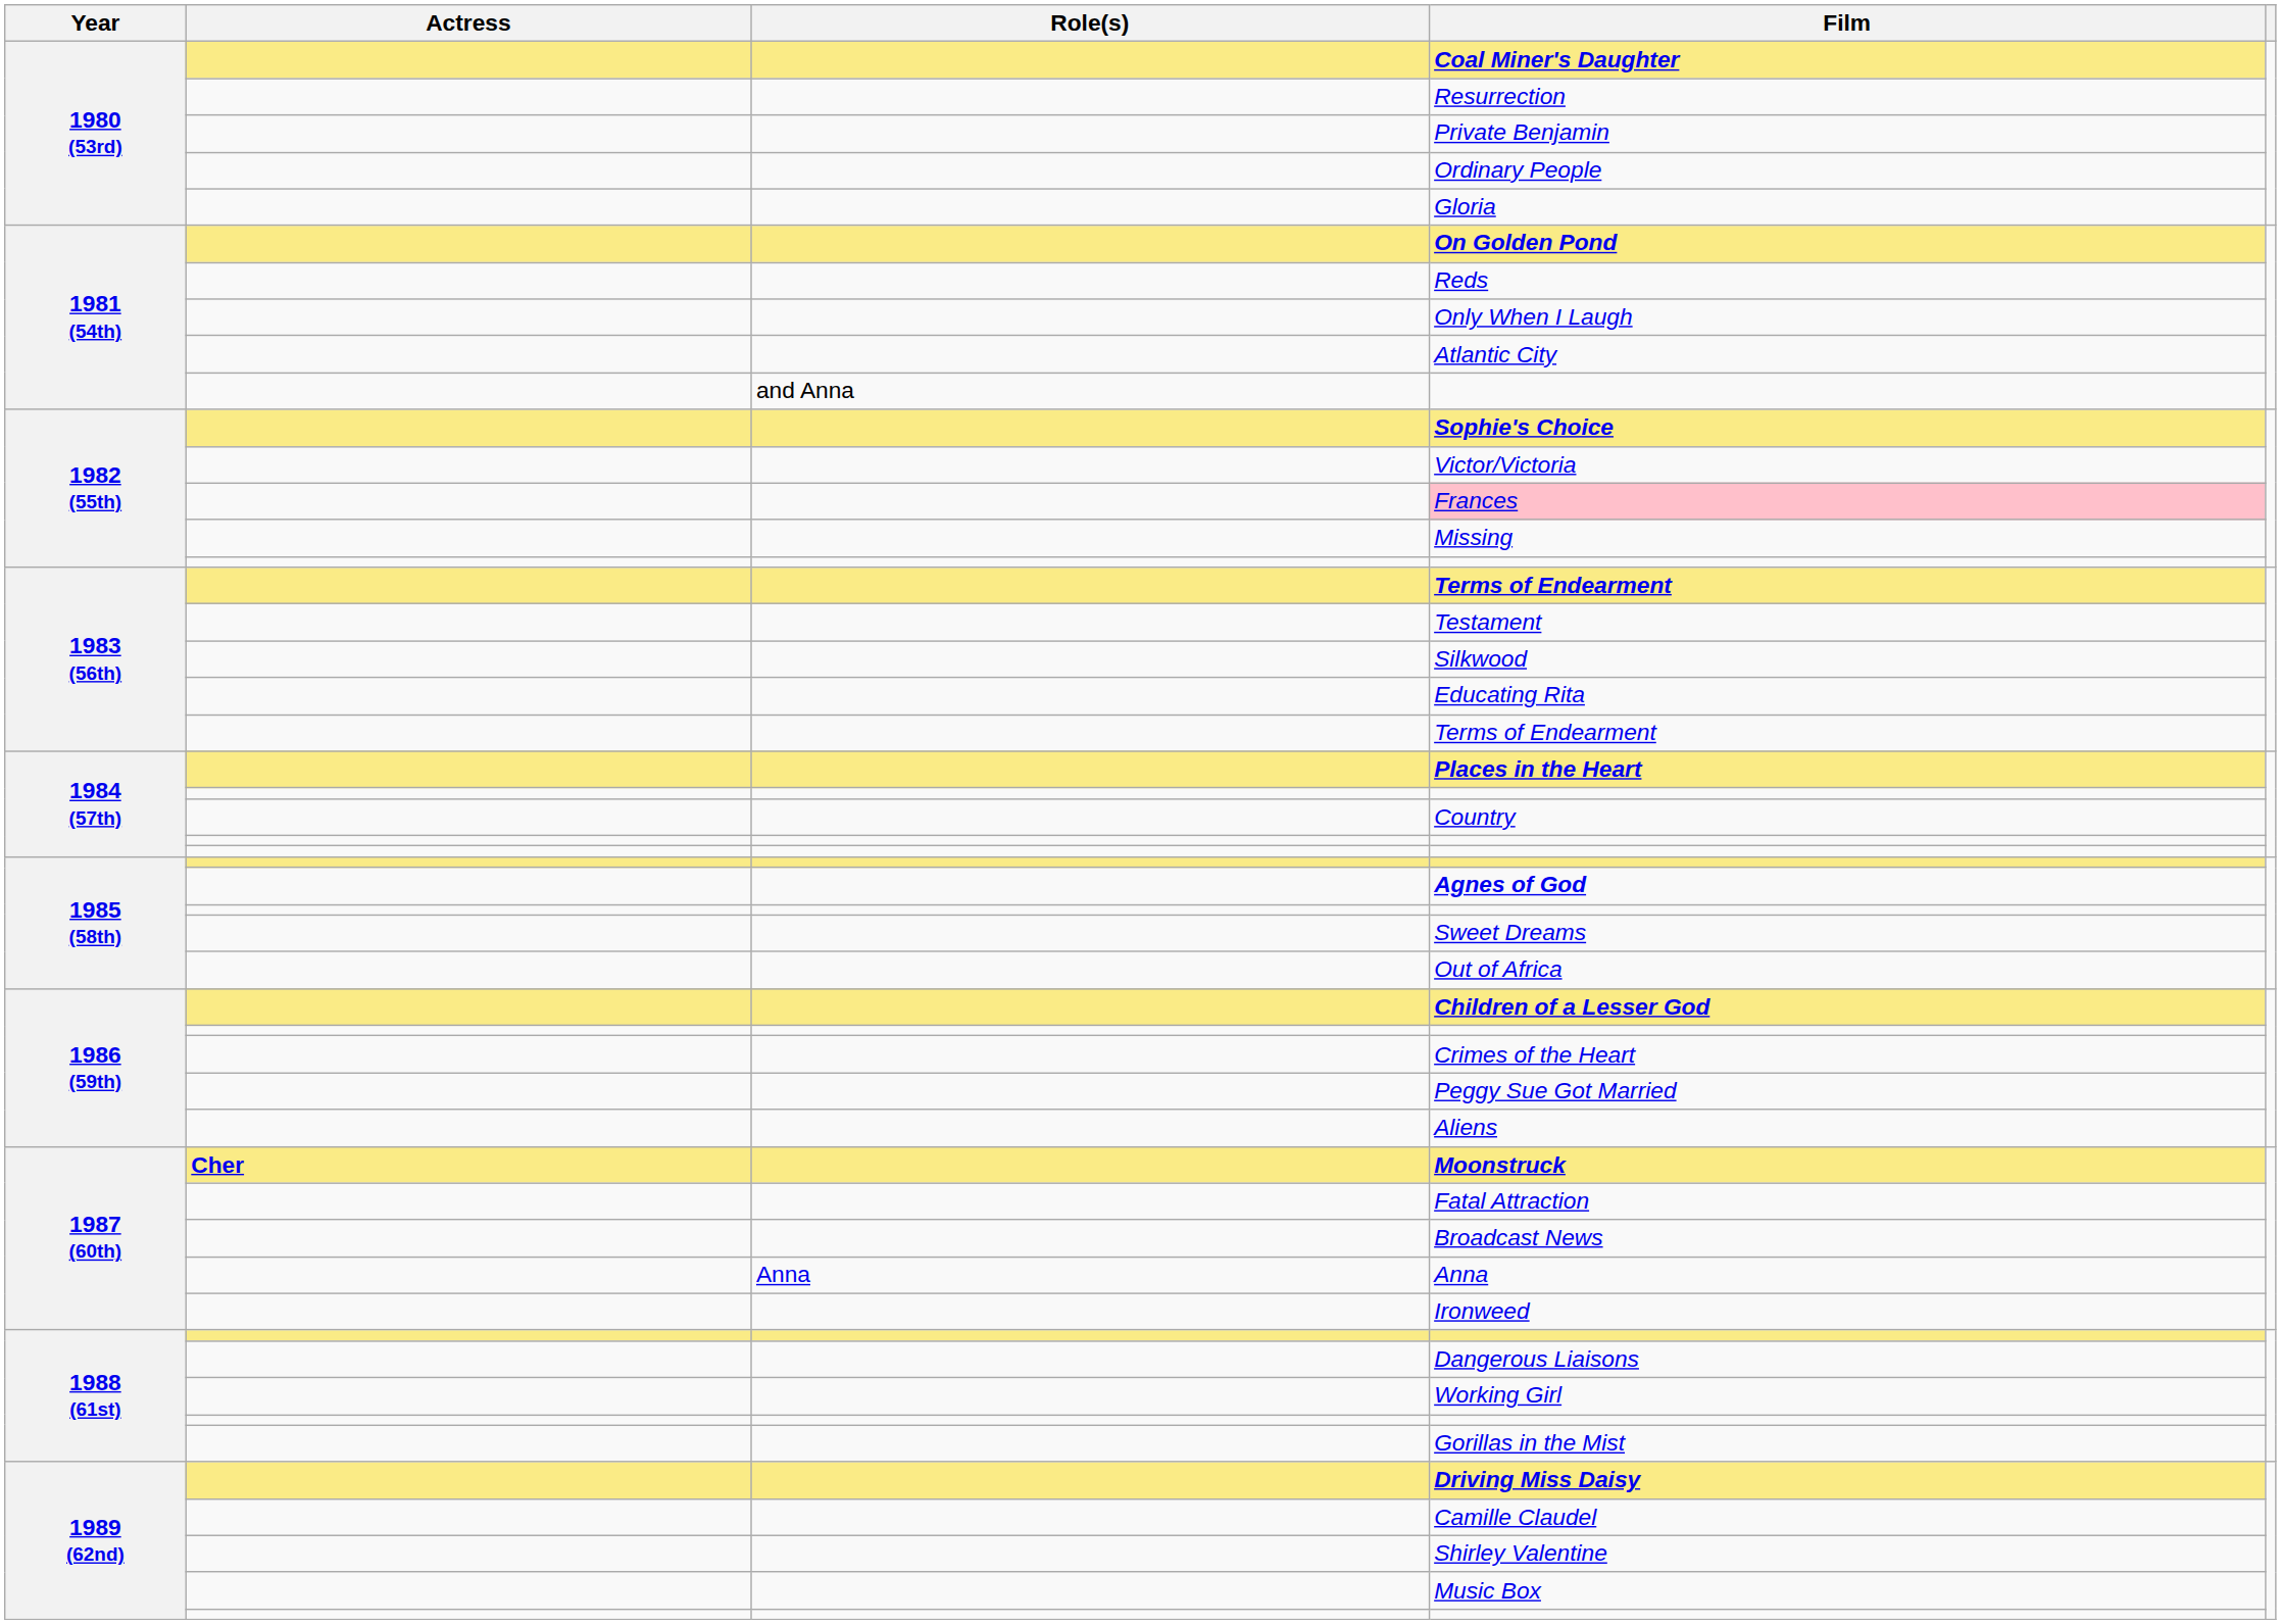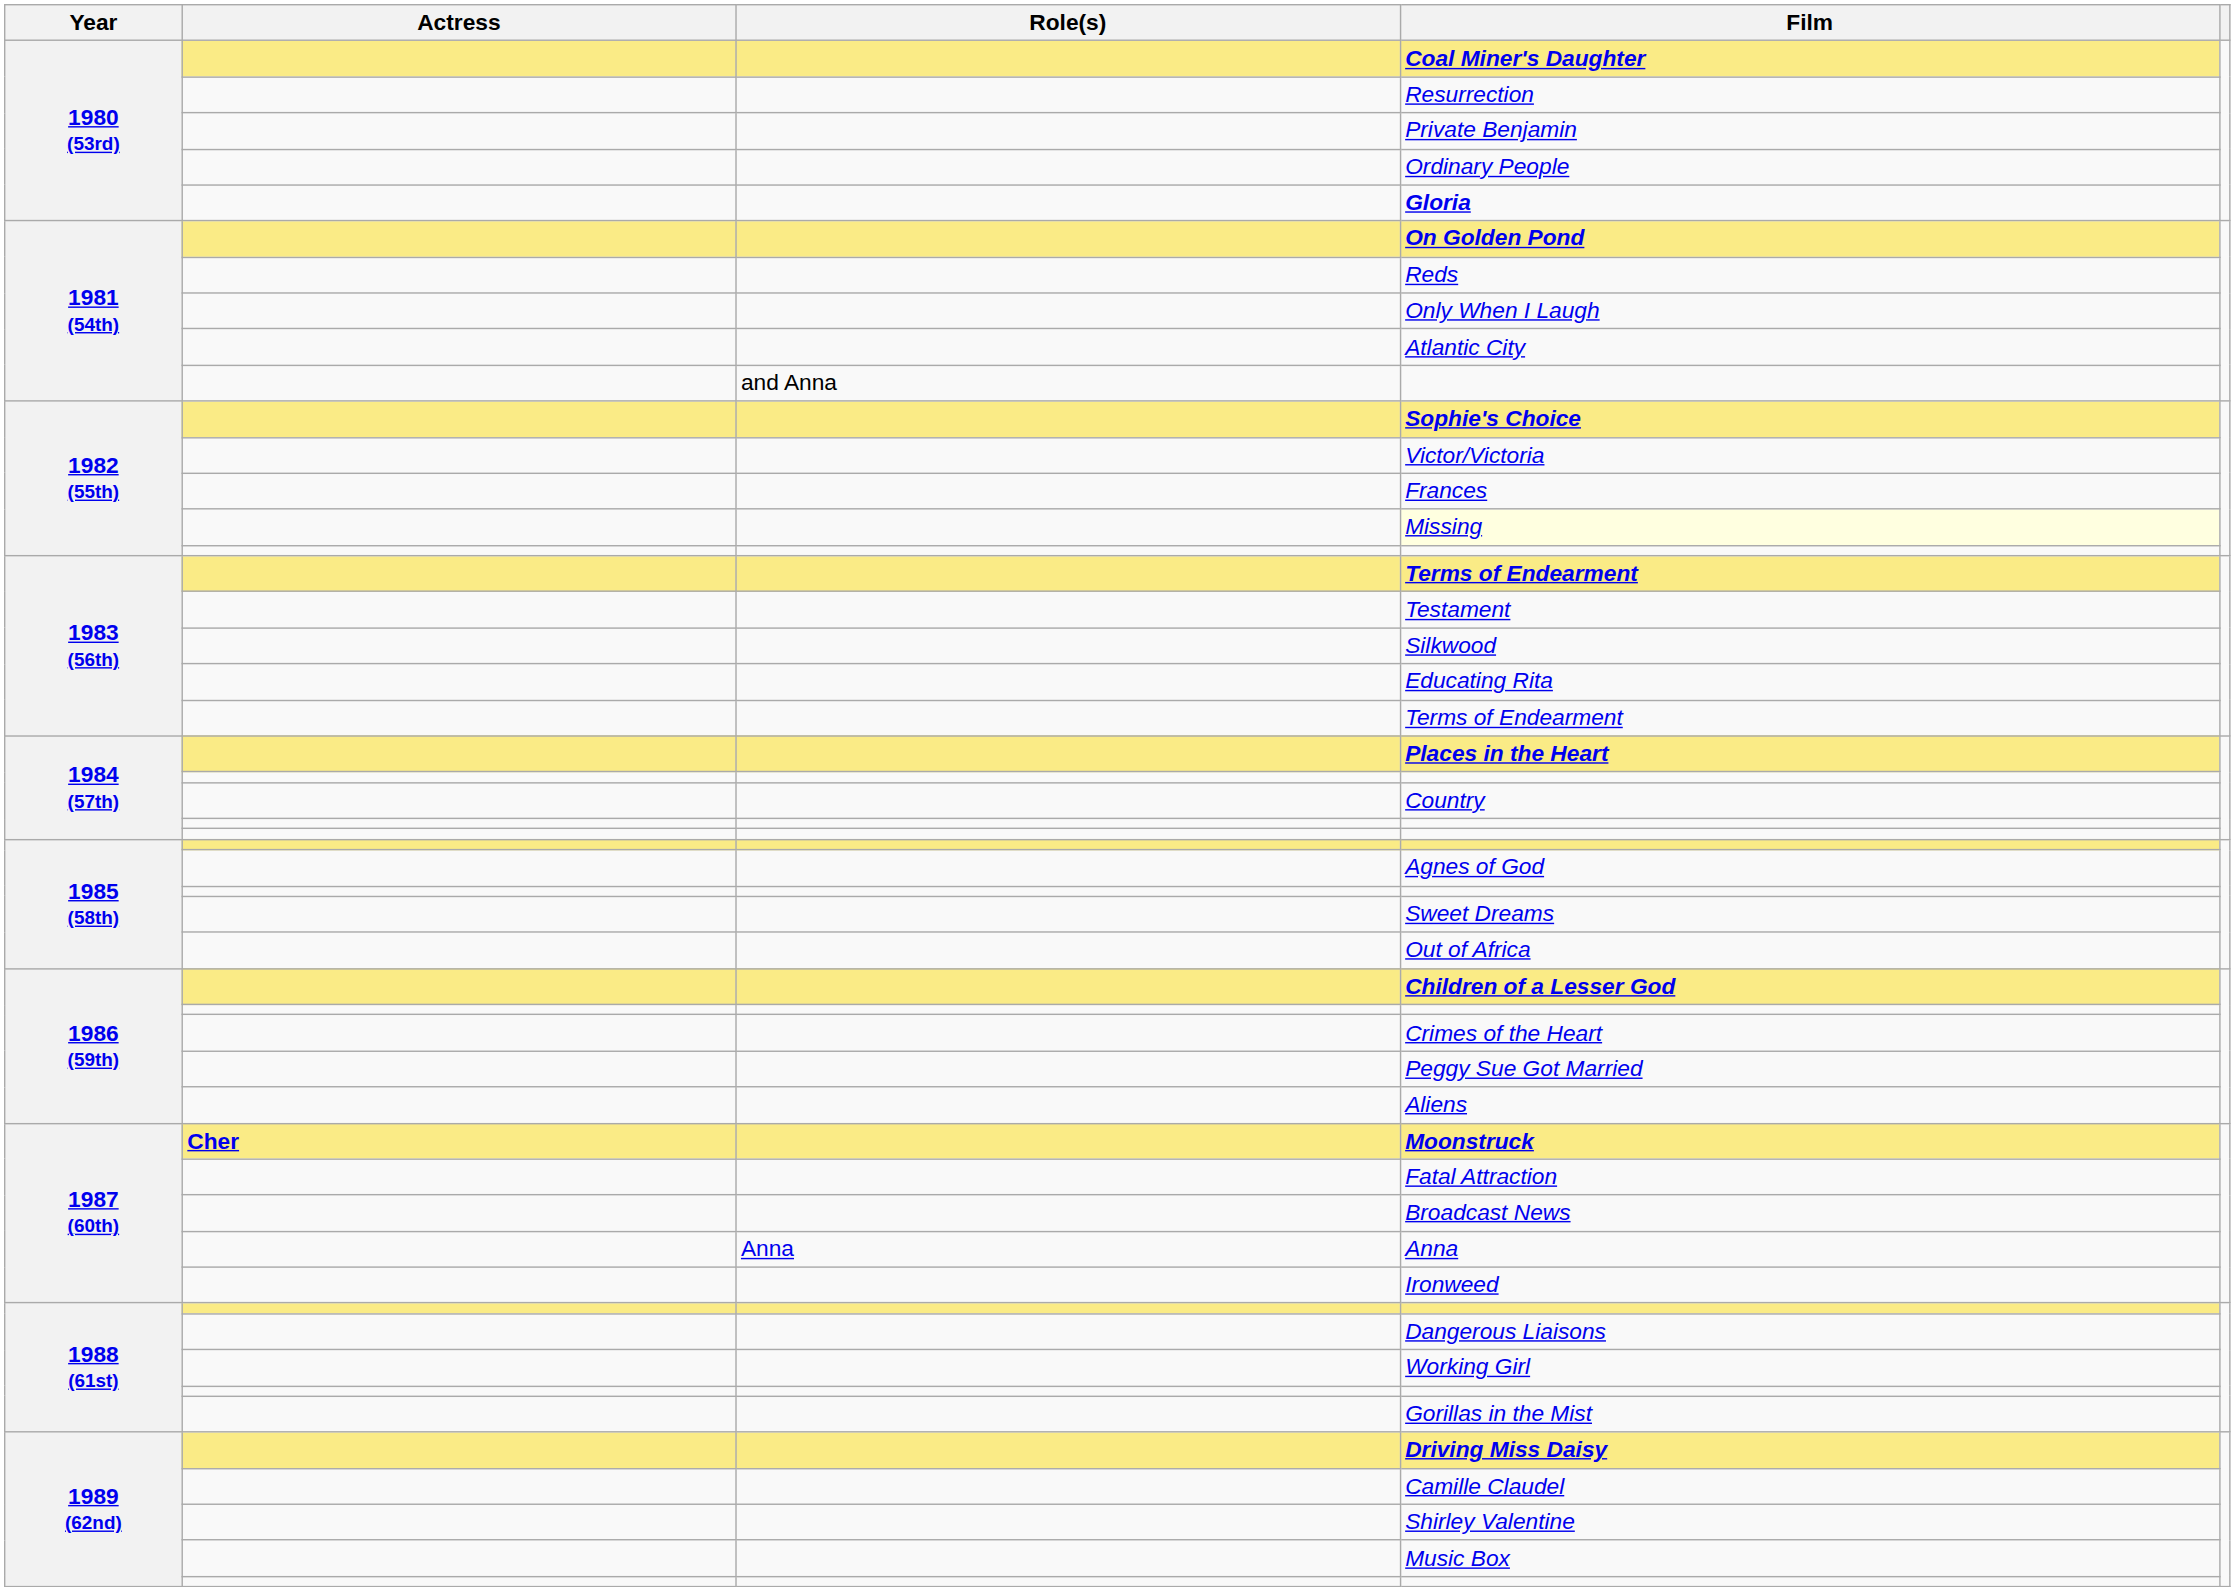 <table class="wikitable sortable">
 <tr>
 <th scope="col" style="width:8%;">Year</th>
 <th scope="col" style="width:25%;">Actress</th>
 <th scope="col" style="width:30%;">Role(s)</th>
 <th scope="col" style="width:70%;">Film</th>
 <th scope="col" style="width:2%;" class="unsortable"></th>
 </tr>
 <tr>
 <th scope="row" rowspan=5 style="text-align:center"><a href='#'>1980</a><br><small><a href='#'>(53rd)</a> </small></th>
 <td style="background:#FAEB86;"><strong> </strong></td>
 <td style="background:#FAEB86;"><strong></strong></td>
 <td style="background:#FAEB86;"><strong><em><a href='#'>Coal Miner's Daughter</a></em></strong></td>
 <td rowspan=5></td>
 </tr>
 <tr>
 <td></td>
 <td></td>
 <td><em><a href='#'>Resurrection</a></em></td>
 </tr>
 <tr>
 <td></td>
 <td></td>
 <td><em><a href='#'>Private Benjamin</a></em></td>
 </tr>
 <tr>
 <td></td>
 <td></td>
 <td><em><a href='#'>Ordinary People</a></em></td>
 </tr>
 <tr>
 <td></td>
 <td></td>
-<td><em><a href='#'>Gloria</a></em></td>
+<td><strong><em><a href='#'>Gloria</a></em></strong></td>
 </tr>
 <tr>
 <th scope="row" rowspan=5 style="text-align:center"><a href='#'>1981</a><br><small><a href='#'>(54th)</a> </small></th>
 <td style="background:#FAEB86;"><strong> </strong></td>
 <td style="background:#FAEB86;"><strong></strong></td>
 <td style="background:#FAEB86;"><strong><em><a href='#'>On Golden Pond</a></em></strong></td>
 <td rowspan=5></td>
 </tr>
 <tr>
 <td></td>
 <td></td>
 <td><em><a href='#'>Reds</a></em></td>
 </tr>
 <tr>
 <td></td>
 <td></td>
 <td><em><a href='#'>Only When I Laugh</a></em></td>
 </tr>
 <tr>
 <td></td>
 <td></td>
 <td><em><a href='#'>Atlantic City</a></em></td>
 </tr>
 <tr>
 <td></td>
 <td> and Anna</td>
 <td></td>
 </tr>
 <tr>
 <th scope="row" rowspan=5 style="text-align:center"><a href='#'>1982</a><br><small><a href='#'>(55th)</a> </small></th>
 <td style="background:#FAEB86;"><strong> </strong></td>
 <td style="background:#FAEB86;"><strong></strong></td>
 <td style="background:#FAEB86;"><strong><em><a href='#'>Sophie's Choice</a></em></strong></td>
 <td rowspan=5></td>
 </tr>
 <tr>
 <td></td>
 <td></td>
 <td><em><a href='#'>Victor/Victoria</a></em></td>
 </tr>
 <tr>
 <td></td>
 <td></td>
-<td style="background: pink;"><em><a href='#'>Frances</a></em></td>
+<td><em><a href='#'>Frances</a></em></td>
 </tr>
 <tr>
 <td></td>
 <td></td>
-<td><em><a href='#'>Missing</a></em></td>
+<td style="background: lightyellow;"><em><a href='#'>Missing</a></em></td>
 </tr>
 <tr>
 <td></td>
 <td></td>
 <td></td>
 </tr>
 <tr>
 <th scope="row" rowspan=5 style="text-align:center"><a href='#'>1983</a><br><small><a href='#'>(56th)</a> </small></th>
 <td style="background:#FAEB86;"><strong> </strong></td>
 <td style="background:#FAEB86;"><strong></strong></td>
 <td style="background:#FAEB86;"><strong><em><a href='#'>Terms of Endearment</a></em></strong></td>
 <td rowspan=5></td>
 </tr>
 <tr>
 <td></td>
 <td></td>
 <td><em><a href='#'>Testament</a></em></td>
 </tr>
 <tr>
 <td></td>
 <td></td>
 <td><em><a href='#'>Silkwood</a></em></td>
 </tr>
 <tr>
 <td></td>
 <td></td>
 <td><em><a href='#'>Educating Rita</a></em></td>
 </tr>
 <tr>
 <td></td>
 <td></td>
 <td><em><a href='#'>Terms of Endearment</a></em></td>
 </tr>
 <tr>
 <th scope="row" rowspan=5 style="text-align:center"><a href='#'>1984</a><br><small><a href='#'>(57th)</a> </small></th>
 <td style="background:#FAEB86;"><strong> </strong></td>
 <td style="background:#FAEB86;"><strong></strong></td>
 <td style="background:#FAEB86;"><strong><em><a href='#'>Places in the Heart</a></em></strong></td>
 <td rowspan=5></td>
 </tr>
 <tr>
 <td></td>
 <td></td>
 <td></td>
 </tr>
 <tr>
 <td></td>
 <td></td>
 <td><em><a href='#'>Country</a></em></td>
 </tr>
 <tr>
 <td></td>
 <td></td>
 <td></td>
 </tr>
 <tr>
 <td></td>
 <td></td>
 <td></td>
 </tr>
 <tr>
 <th scope="row" rowspan=5 style="text-align:center"><a href='#'>1985</a><br><small><a href='#'>(58th)</a> </small></th>
 <td style="background:#FAEB86;"><strong> </strong></td>
 <td style="background:#FAEB86;"><strong></strong></td>
 <td style="background:#FAEB86;"><strong></strong></td>
 <td rowspan=5></td>
 </tr>
 <tr>
 <td></td>
 <td></td>
-<td><strong><em><a href='#'>Agnes of God</a></em></strong></td>
+<td><em><a href='#'>Agnes of God</a></em></td>
 </tr>
 <tr>
 <td></td>
 <td></td>
 <td></td>
 </tr>
 <tr>
 <td></td>
 <td></td>
 <td><em><a href='#'>Sweet Dreams</a></em></td>
 </tr>
 <tr>
 <td></td>
 <td></td>
 <td><em><a href='#'>Out of Africa</a></em></td>
 </tr>
 <tr>
 <th scope="row" rowspan=5 style="text-align:center"><a href='#'>1986</a><br><small><a href='#'>(59th)</a> </small></th>
 <td style="background:#FAEB86;"><strong> </strong></td>
 <td style="background:#FAEB86;"><strong></strong></td>
 <td style="background:#FAEB86;"><strong><em><a href='#'>Children of a Lesser God</a></em></strong></td>
 <td rowspan=5></td>
 </tr>
 <tr>
 <td></td>
 <td></td>
 <td></td>
 </tr>
 <tr>
 <td></td>
 <td></td>
 <td><em><a href='#'>Crimes of the Heart</a></em></td>
 </tr>
 <tr>
 <td></td>
 <td></td>
 <td><em><a href='#'>Peggy Sue Got Married</a></em></td>
 </tr>
 <tr>
 <td></td>
 <td></td>
 <td><em><a href='#'>Aliens</a></em></td>
 </tr>
 <tr>
 <th scope="row" rowspan=5 style="text-align:center"><a href='#'>1987</a><br><small><a href='#'>(60th)</a> </small></th>
 <td style="background:#FAEB86;"><strong><a href='#'>Cher</a> </strong></td>
 <td style="background:#FAEB86;"><strong></strong></td>
 <td style="background:#FAEB86;"><strong><em><a href='#'>Moonstruck</a></em></strong></td>
 <td rowspan=5></td>
 </tr>
 <tr>
 <td></td>
 <td></td>
 <td><em><a href='#'>Fatal Attraction</a></em></td>
 </tr>
 <tr>
 <td></td>
 <td></td>
 <td><em><a href='#'>Broadcast News</a></em></td>
 </tr>
 <tr>
 <td></td>
 <td><a href='#'>Anna</a></td>
 <td><em><a href='#'>Anna</a></em></td>
 </tr>
 <tr>
 <td></td>
 <td></td>
 <td><em><a href='#'>Ironweed</a></em></td>
 </tr>
 <tr>
 <th scope="row" rowspan=5 style="text-align:center"><a href='#'>1988</a><br><small><a href='#'>(61st)</a> </small></th>
 <td style="background:#FAEB86;"><strong> </strong></td>
 <td style="background:#FAEB86;"><strong></strong></td>
 <td style="background:#FAEB86;"><strong></strong></td>
 <td rowspan=5></td>
 </tr>
 <tr>
 <td></td>
 <td></td>
 <td><em><a href='#'>Dangerous Liaisons</a></em></td>
 </tr>
 <tr>
 <td></td>
 <td></td>
 <td><em><a href='#'>Working Girl</a></em></td>
 </tr>
 <tr>
 <td></td>
 <td></td>
 <td></td>
 </tr>
 <tr>
 <td></td>
 <td></td>
 <td><em><a href='#'>Gorillas in the Mist</a></em></td>
 </tr>
 <tr>
 <th scope="row" rowspan=5 style="text-align:center"><a href='#'>1989</a><br><small><a href='#'>(62nd)</a> </small></th>
 <td style="background:#FAEB86;"><strong> </strong></td>
 <td style="background:#FAEB86;"><strong></strong></td>
 <td style="background:#FAEB86;"><strong><em><a href='#'>Driving Miss Daisy</a></em></strong></td>
 <td rowspan=5></td>
 </tr>
 <tr>
 <td></td>
 <td></td>
 <td><em><a href='#'>Camille Claudel</a></em></td>
 </tr>
 <tr>
 <td></td>
 <td></td>
 <td><em><a href='#'>Shirley Valentine</a></em></td>
 </tr>
 <tr>
 <td></td>
 <td></td>
 <td><em><a href='#'>Music Box</a></em></td>
 </tr>
 <tr>
 <td></td>
 <td></td>
 <td></td>
 </tr>
 </table>
